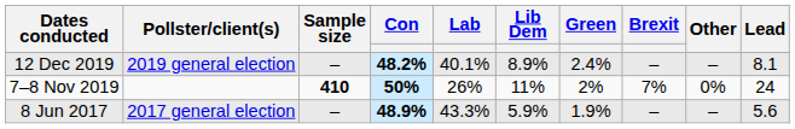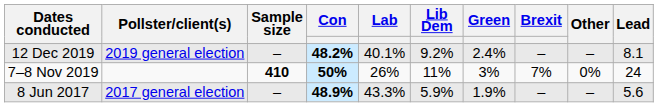 <table class="wikitable sortable mw-datatable" style="text-align:center;line-height:14px;">
 <tr>
 <th rowspan="2">Dates<br>conducted</th>
 <th rowspan="2">Pollster/client(s)</th>
 <th rowspan="2" data-sort-type="number">Sample<br>size</th>
 <th class="unsortable" style="width:50px;"><a href='#'>Con</a></th>
 <th class="unsortable" style="width:50px;"><a href='#'>Lab</a></th>
 <th class="unsortable" style="width:50px;"><a href='#'>Lib Dem</a></th>
 <th class="unsortable" style="width:50px;"><a href='#'>Green</a></th>
 <th class="unsortable" style="width:50px;"><a href='#'>Brexit</a></th>
 <th rowspan="2" class="unsortable">Other</th>
 <th rowspan="2" data-sort-type="number">Lead</th>
 </tr>
 <tr>
 <th data-sort-type="number" style="background:"></th>
 <th data-sort-type="number" style="background:"></th>
 <th data-sort-type="number" style="background:"></th>
 <th data-sort-type="number" style="background:"></th>
 <th data-sort-type="number" style="background:"></th>
 </tr>
 <tr style="background:#E9E9E9;">
 <td data-sort-value="2017-06-08">12 Dec 2019</td>
 <td><a href='#'>2019 general election</a></td>
 <td>–</td>
 <td style="background:#CCEBFF;"><strong>48.2%</strong></td>
 <td>40.1%</td>
-<td>8.9%</td>
+<td>9.2%</td>
 <td>2.4%</td>
 <td>–</td>
 <td>–</td>
 <td style="background:">8.1</td>
 </tr>
 <tr>
 <td data-sort-value="2019-11-14">7–8 Nov 2019</td>
 <td></td>
 <td><strong>410</strong></td>
 <td style="background:#CCEBFF;"><strong>50%</strong></td>
 <td>26%</td>
 <td>11%</td>
-<td>2%</td>
+<td>3%</td>
 <td>7%</td>
 <td>0%</td>
 <td style="background:">24</td>
 </tr>
 <tr style="background:#E9E9E9;">
 <td data-sort-value="2017-06-08">8 Jun 2017</td>
 <td><a href='#'>2017 general election</a></td>
 <td>–</td>
 <td style="background:#CCEBFF;"><strong>48.9%</strong></td>
 <td>43.3%</td>
 <td>5.9%</td>
 <td>1.9%</td>
 <td>–</td>
 <td>–</td>
 <td style="background:">5.6</td>
 </tr>
 </table>
